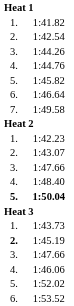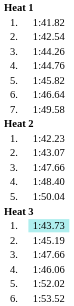 <table style="text-align:center">
 <tr>
 <td colspan=4 align=left><strong>Heat 1</strong></td>
 </tr>
 <tr>
 <td width=30>1.</td>
 <td align=left></td>
 <td width=60>1:41.82</td>
 <td></td>
 </tr>
 <tr>
 <td>2.</td>
 <td align=left></td>
 <td>1:42.54</td>
 <td></td>
 </tr>
 <tr>
 <td>3.</td>
 <td align=left></td>
 <td>1:44.26</td>
 <td></td>
 </tr>
 <tr>
 <td>4.</td>
 <td align=left></td>
 <td>1:44.76</td>
 <td></td>
 </tr>
 <tr>
 <td>5.</td>
 <td align=left></td>
 <td>1:45.82</td>
 <td></td>
 </tr>
 <tr>
 <td>6.</td>
 <td align=left></td>
 <td>1:46.64</td>
 <td></td>
 </tr>
 <tr>
 <td>7.</td>
 <td align=left></td>
 <td>1:49.58</td>
 <td></td>
 </tr>
 <tr>
 <td colspan=4 align=left><strong>Heat 2</strong></td>
 </tr>
 <tr>
 <td>1.</td>
 <td align=left></td>
 <td>1:42.23</td>
 <td></td>
 </tr>
 <tr>
 <td>2.</td>
 <td align=left></td>
 <td>1:43.07</td>
 <td></td>
 </tr>
 <tr>
 <td>3.</td>
 <td align=left></td>
 <td>1:47.66</td>
 <td></td>
 </tr>
 <tr>
 <td>4.</td>
 <td align=left></td>
 <td>1:48.40</td>
 <td></td>
 </tr>
 <tr>
-<td><strong>5.</strong></td>
+<td>5.</td>
 <td align=left></td>
-<td><strong>1:50.04</strong></td>
+<td>1:50.04</td>
 <td></td>
 </tr>
 <tr>
 <td colspan=4 align=left><strong>Heat 3</strong></td>
 </tr>
 <tr>
 <td>1.</td>
 <td align=left></td>
-<td>1:43.73</td>
+<td style="background: paleturquoise;">1:43.73</td>
 <td></td>
 </tr>
 <tr>
-<td><strong>2.</strong></td>
+<td>2.</td>
 <td align=left></td>
 <td>1:45.19</td>
 <td></td>
 </tr>
 <tr>
 <td>3.</td>
 <td align=left></td>
 <td>1:47.66</td>
 <td></td>
 </tr>
 <tr>
 <td>4.</td>
 <td align=left></td>
 <td>1:46.06</td>
 <td></td>
 </tr>
 <tr>
 <td>5.</td>
 <td align=left></td>
 <td>1:52.02</td>
 <td></td>
 </tr>
 <tr>
 <td>6.</td>
 <td align=left></td>
 <td>1:53.52</td>
 <td></td>
 </tr>
 </table>
